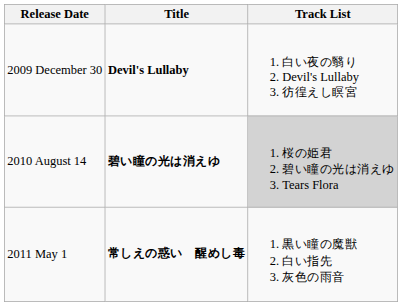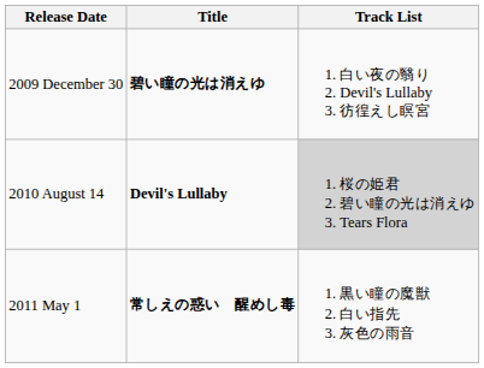 <table class=wikitable>
 <tr>
 <th>Release Date</th>
 <th>Title</th>
 <th>Track List</th>
 </tr>
 <tr>
 <td>2009 December 30</td>
-<td><strong>Devil's Lullaby</strong></td>
+<td><strong>碧い瞳の光は消えゆ</strong></td>
 <td><br><ol><li>白い夜の翳り</li><li>Devil's Lullaby</li><li>彷徨えし瞑宮</li></ol></td>
 </tr>
 <tr>
 <td>2010 August 14</td>
-<td><strong>碧い瞳の光は消えゆ</strong></td>
+<td><strong>Devil's Lullaby</strong></td>
 <td style="background: lightgrey;"><br><ol><li>桜の姫君</li><li>碧い瞳の光は消えゆ</li><li>Tears Flora</li></ol></td>
 </tr>
 <tr>
 <td>2011 May 1</td>
 <td><strong>常しえの惑い　醒めし毒</strong></td>
 <td><br><ol><li>黒い瞳の魔獣</li><li>白い指先</li><li>灰色の雨音</li></ol></td>
 </tr>
 </table>
